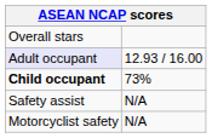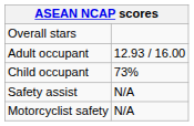 <table class="wikitable">
 <tr>
 <th colspan="3"><a href='#'>ASEAN NCAP</a> scores</th>
 </tr>
 <tr>
 <td>Overall stars</td>
 <td></td>
 </tr>
 <tr>
-<td style="background: lavender;">Adult occupant</td>
+<td>Adult occupant</td>
 <td colspan="2">12.93 / 16.00</td>
 </tr>
 <tr>
-<td><strong>Child occupant</strong></td>
+<td>Child occupant</td>
 <td colspan="2">73%</td>
 </tr>
 <tr>
 <td>Safety assist</td>
 <td colspan="2">N/A</td>
 </tr>
 <tr>
 <td>Motorcyclist safety</td>
 <td colspan="2">N/A</td>
 </tr>
 </table>
